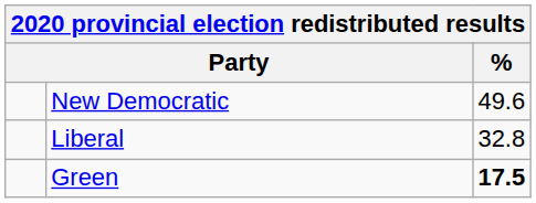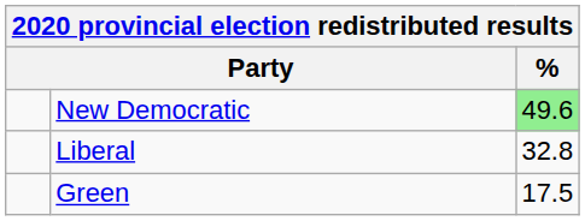 <table class="wikitable">
 <tr>
 <th colspan="4"><a href='#'>2020 provincial election</a> redistributed results</th>
 </tr>
 <tr>
 <th bgcolor="#DDDDFF" width="130px" colspan="2">Party</th>
 <th bgcolor="#DDDDFF" width="30px">%</th>
 </tr>
 <tr>
 <td> </td>
 <td><a href='#'>New Democratic</a></td>
-<td align=right>49.6</td>
+<td align=right style="background: lightgreen;">49.6</td>
 </tr>
 <tr>
 <td> </td>
 <td><a href='#'>Liberal</a></td>
 <td align=right>32.8</td>
 </tr>
 <tr>
 <td> </td>
 <td><a href='#'>Green</a></td>
-<td align=right><strong>17.5</strong></td>
+<td align=right>17.5</td>
 </tr>
 </table>
